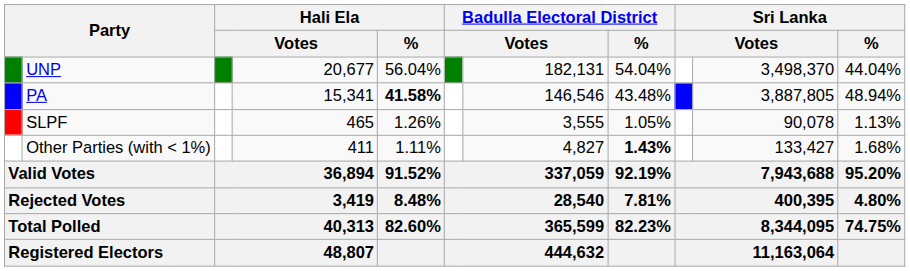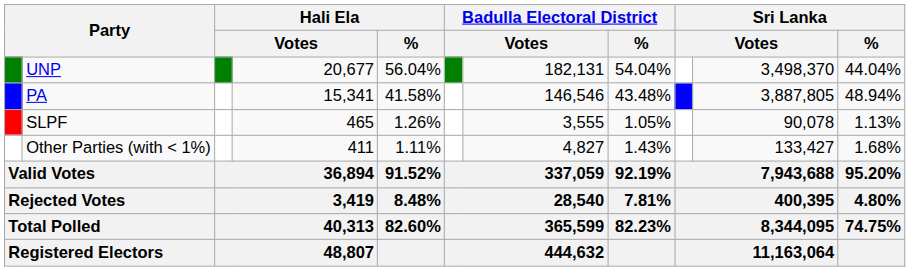 <table class="wikitable">
 <tr>
 <th colspan="2" width="144px"rowspan="2">Party</th>
 <th colspan="3" width="216px">Hali Ela</th>
 <th colspan="3" width="216px"><a href='#'>Badulla Electoral District</a></th>
 <th colspan="3" width="216px">Sri Lanka</th>
 </tr>
 <tr>
 <th colspan="2" width="144px">Votes</th>
 <th>%</th>
 <th colspan="2" width="144px">Votes</th>
 <th>%</th>
 <th colspan="2" width="144px">Votes</th>
 <th>%</th>
 </tr>
 <tr>
 <td style="background-color:green;" width="10px"></td>
 <td style="text-align:left;"><a href='#'>UNP</a></td>
 <td style="background-color:green;" width="10px"></td>
 <td style="text-align:right;">20,677</td>
 <td style="text-align:right;">56.04%</td>
 <td style="background-color:green;" width="10px"></td>
 <td style="text-align:right;">182,131</td>
 <td style="text-align:right;">54.04%</td>
 <td style="background-color:white;" width="10px"></td>
 <td style="text-align:right;">3,498,370</td>
 <td style="text-align:right;">44.04%</td>
 </tr>
 <tr>
 <td style="background-color:blue;" width="10px"></td>
 <td style="text-align:left;"><a href='#'>PA</a></td>
 <td style="background-color:white;" width="10px"></td>
 <td style="text-align:right;">15,341</td>
-<td style="text-align:right;"><strong>41.58%</strong></td>
+<td style="text-align:right;">41.58%</td>
 <td style="background-color:white;" width="10px"></td>
 <td style="text-align:right;">146,546</td>
 <td style="text-align:right;">43.48%</td>
 <td style="background-color:blue;" width="10px"></td>
 <td style="text-align:right;">3,887,805</td>
 <td style="text-align:right;">48.94%</td>
 </tr>
 <tr>
 <td style="background-color:red;" width="10px"></td>
 <td style="text-align:left;">SLPF</td>
 <td style="background-color:white;" width="10px"></td>
 <td style="text-align:right;">465</td>
 <td style="text-align:right;">1.26%</td>
 <td style="background-color:white;" width="10px"></td>
 <td style="text-align:right;">3,555</td>
 <td style="text-align:right;">1.05%</td>
 <td style="background-color:white;" width="10px"></td>
 <td style="text-align:right;">90,078</td>
 <td style="text-align:right;">1.13%</td>
 </tr>
 <tr>
 <td style="background-color:white;" width="10px"></td>
 <td style="text-align:left;">Other Parties (with < 1%)</td>
 <td style="background-color:white;" width="10px"></td>
 <td style="text-align:right;">411</td>
 <td style="text-align:right;">1.11%</td>
 <td style="background-color:white;" width="10px"></td>
 <td style="text-align:right;">4,827</td>
-<td style="text-align:right;"><strong>1.43%</strong></td>
+<td style="text-align:right;">1.43%</td>
 <td style="background-color:white;" width="10px"></td>
 <td style="text-align:right;">133,427</td>
 <td style="text-align:right;">1.68%</td>
 </tr>
 <tr>
 <th colspan="2" width="144px"style="text-align:left;">Valid Votes</th>
 <th style="text-align:right;"colspan="2" width="144px">36,894</th>
 <th style="text-align:right;">91.52%</th>
 <th style="text-align:right;"colspan="2" width="144px">337,059</th>
 <th style="text-align:right;">92.19%</th>
 <th style="text-align:right;"colspan="2" width="144px">7,943,688</th>
 <th style="text-align:right;">95.20%</th>
 </tr>
 <tr>
 <th colspan="2" width="144px"style="text-align:left;">Rejected Votes</th>
 <th style="text-align:right;"colspan="2" width="144px">3,419</th>
 <th style="text-align:right;">8.48%</th>
 <th style="text-align:right;"colspan="2" width="144px">28,540</th>
 <th style="text-align:right;">7.81%</th>
 <th style="text-align:right;"colspan="2" width="144px">400,395</th>
 <th style="text-align:right;">4.80%</th>
 </tr>
 <tr>
 <th colspan="2" width="144px"style="text-align:left;">Total Polled</th>
 <th style="text-align:right;"colspan="2" width="144px">40,313</th>
 <th style="text-align:right;">82.60%</th>
 <th style="text-align:right;"colspan="2" width="144px">365,599</th>
 <th style="text-align:right;">82.23%</th>
 <th style="text-align:right;"colspan="2" width="144px">8,344,095</th>
 <th style="text-align:right;">74.75%</th>
 </tr>
 <tr>
 <th colspan="2" width="144px"style="text-align:left;">Registered Electors</th>
 <th style="text-align:right;"colspan="2" width="144px">48,807</th>
 <th></th>
 <th style="text-align:right;"colspan="2" width="144px">444,632</th>
 <th></th>
 <th style="text-align:right;"colspan="2" width="144px">11,163,064</th>
 <th></th>
 </tr>
 </table>
